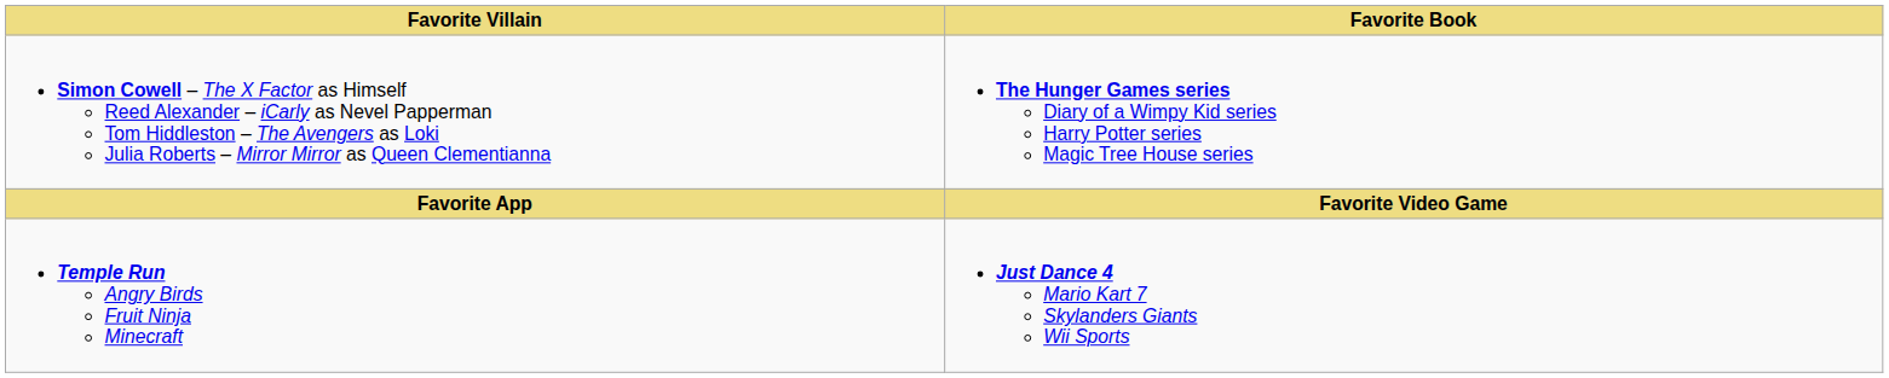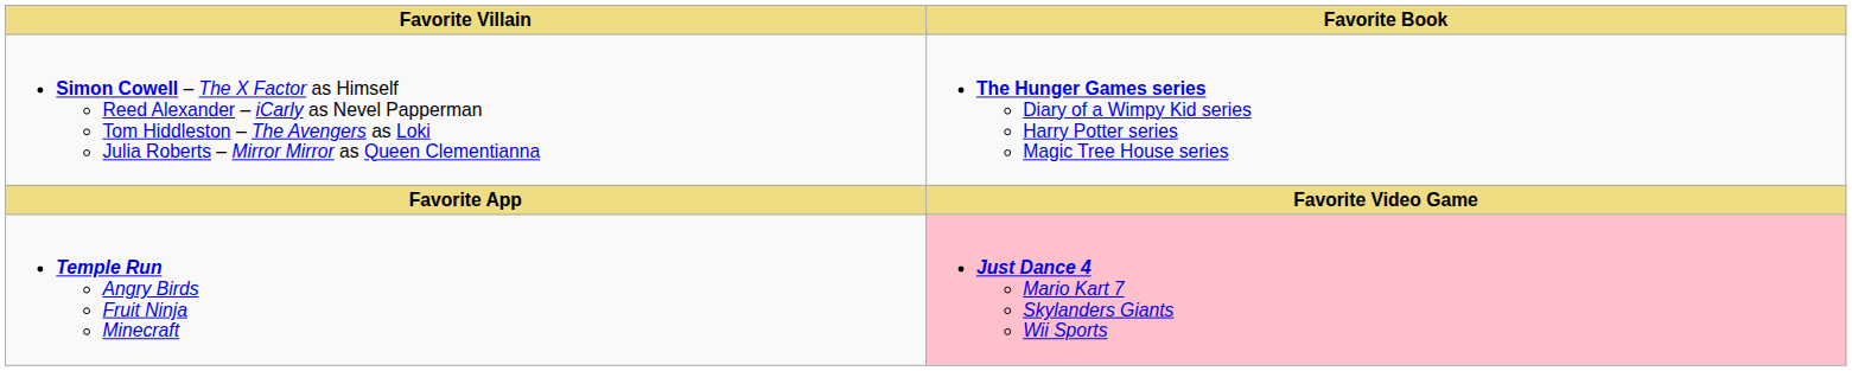 <table class="wikitable" style="width:100%;">
 <tr>
 <th style="background:#EEDD82; width:50%">Favorite Villain</th>
 <th style="background:#EEDD82; width:50%">Favorite Book</th>
 </tr>
 <tr>
 <td valign="top"><br><ul><li><strong><a href='#'>Simon Cowell</a></strong> – <em><a href='#'>The X Factor</a></em> as Himself<ul><li><a href='#'>Reed Alexander</a> – <em><a href='#'>iCarly</a></em> as Nevel Papperman</li><li><a href='#'>Tom Hiddleston</a> – <em><a href='#'>The Avengers</a></em> as <a href='#'>Loki</a></li><li><a href='#'>Julia Roberts</a> – <em><a href='#'>Mirror Mirror</a></em> as <a href='#'>Queen Clementianna</a></li></ul></li></ul></td>
 <td valign="top"><br><ul><li><strong><a href='#'>The Hunger Games series</a></strong><ul><li><a href='#'>Diary of a Wimpy Kid series</a></li><li><a href='#'>Harry Potter series</a></li><li><a href='#'>Magic Tree House series</a></li></ul></li></ul></td>
 </tr>
 <tr>
 <th style="background:#EEDD82; width:50%">Favorite App</th>
 <th style="background:#EEDD82; width:50%">Favorite Video Game</th>
 </tr>
 <tr>
 <td valign="top"><br><ul><li><strong><em><a href='#'>Temple Run</a></em></strong><ul><li><em><a href='#'>Angry Birds</a></em></li><li><em><a href='#'>Fruit Ninja</a></em></li><li><em><a href='#'>Minecraft</a></em></li></ul></li></ul></td>
-<td valign="top"><br><ul><li><strong><em><a href='#'>Just Dance 4</a></em></strong><ul><li><em><a href='#'>Mario Kart 7</a></em></li><li><em><a href='#'>Skylanders Giants</a></em></li><li><em><a href='#'>Wii Sports</a></em></li></ul></li></ul></td>
+<td valign="top" style="background: pink;"><br><ul><li><strong><em><a href='#'>Just Dance 4</a></em></strong><ul><li><em><a href='#'>Mario Kart 7</a></em></li><li><em><a href='#'>Skylanders Giants</a></em></li><li><em><a href='#'>Wii Sports</a></em></li></ul></li></ul></td>
 </tr>
 </table>
